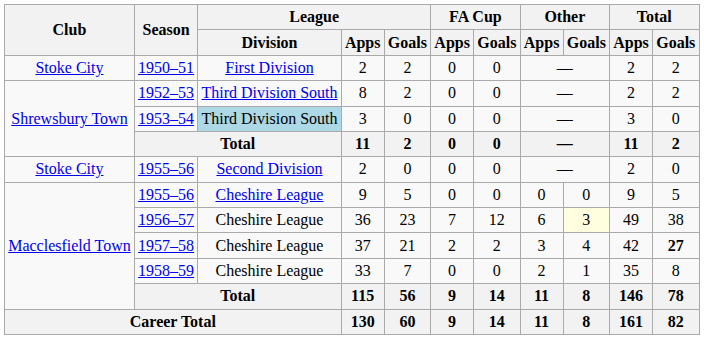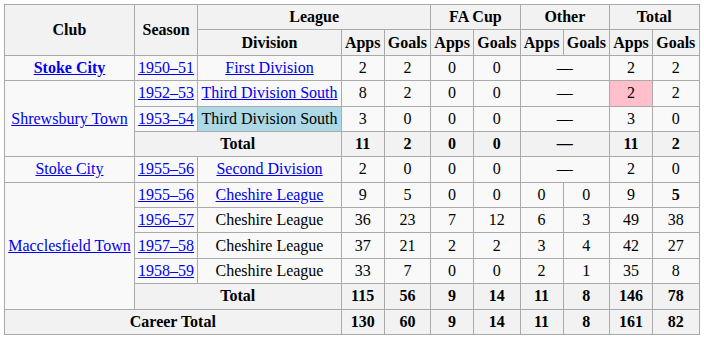 <table class="wikitable" style="text-align: center;">
 <tr>
 <th rowspan="2">Club</th>
 <th rowspan="2">Season</th>
 <th colspan="3">League</th>
 <th colspan="2">FA Cup</th>
 <th colspan="2">Other</th>
 <th colspan="2">Total</th>
 </tr>
 <tr>
 <th>Division</th>
 <th>Apps</th>
 <th>Goals</th>
 <th>Apps</th>
 <th>Goals</th>
 <th>Apps</th>
 <th>Goals</th>
 <th>Apps</th>
 <th>Goals</th>
 </tr>
 <tr>
-<td><a href='#'>Stoke City</a></td>
+<td><strong><a href='#'>Stoke City</a></strong></td>
 <td><a href='#'>1950–51</a></td>
 <td><a href='#'>First Division</a></td>
 <td>2</td>
 <td>2</td>
 <td>0</td>
 <td>0</td>
 <td colspan="2">—</td>
 <td>2</td>
 <td>2</td>
 </tr>
 <tr>
 <td rowspan=3><a href='#'>Shrewsbury Town</a></td>
 <td><a href='#'>1952–53</a></td>
 <td><a href='#'>Third Division South</a></td>
 <td>8</td>
 <td>2</td>
 <td>0</td>
 <td>0</td>
 <td colspan="2">—</td>
-<td>2</td>
+<td style="background: pink;">2</td>
 <td>2</td>
 </tr>
 <tr>
 <td><a href='#'>1953–54</a></td>
 <td style="background: lightblue;">Third Division South</td>
 <td>3</td>
 <td>0</td>
 <td>0</td>
 <td>0</td>
 <td colspan="2">—</td>
 <td>3</td>
 <td>0</td>
 </tr>
 <tr>
 <th colspan=2>Total</th>
 <th>11</th>
 <th>2</th>
 <th>0</th>
 <th>0</th>
 <th colspan="2">—</th>
 <th>11</th>
 <th>2</th>
 </tr>
 <tr>
 <td><a href='#'>Stoke City</a></td>
 <td><a href='#'>1955–56</a></td>
 <td><a href='#'>Second Division</a></td>
 <td>2</td>
 <td>0</td>
 <td>0</td>
 <td>0</td>
 <td colspan="2">—</td>
 <td>2</td>
 <td>0</td>
 </tr>
 <tr>
 <td rowspan=5><a href='#'>Macclesfield Town</a></td>
 <td><a href='#'>1955–56</a></td>
 <td><a href='#'>Cheshire League</a></td>
 <td>9</td>
 <td>5</td>
 <td>0</td>
 <td>0</td>
 <td>0</td>
 <td>0</td>
 <td>9</td>
-<td>5</td>
+<td><strong>5</strong></td>
 </tr>
 <tr>
 <td><a href='#'>1956–57</a></td>
 <td>Cheshire League</td>
 <td>36</td>
 <td>23</td>
 <td>7</td>
 <td>12</td>
 <td>6</td>
-<td style="background: lightyellow;">3</td>
+<td>3</td>
 <td>49</td>
 <td>38</td>
 </tr>
 <tr>
 <td><a href='#'>1957–58</a></td>
 <td>Cheshire League</td>
 <td>37</td>
 <td>21</td>
 <td>2</td>
 <td>2</td>
 <td>3</td>
 <td>4</td>
 <td>42</td>
-<td><strong>27</strong></td>
+<td>27</td>
 </tr>
 <tr>
 <td><a href='#'>1958–59</a></td>
 <td>Cheshire League</td>
 <td>33</td>
 <td>7</td>
 <td>0</td>
 <td>0</td>
 <td>2</td>
 <td>1</td>
 <td>35</td>
 <td>8</td>
 </tr>
 <tr>
 <th colspan=2>Total</th>
 <th>115</th>
 <th>56</th>
 <th>9</th>
 <th>14</th>
 <th>11</th>
 <th>8</th>
 <th>146</th>
 <th>78</th>
 </tr>
 <tr>
 <th colspan="3">Career Total</th>
 <th>130</th>
 <th>60</th>
 <th>9</th>
 <th>14</th>
 <th>11</th>
 <th>8</th>
 <th>161</th>
 <th>82</th>
 </tr>
 </table>
